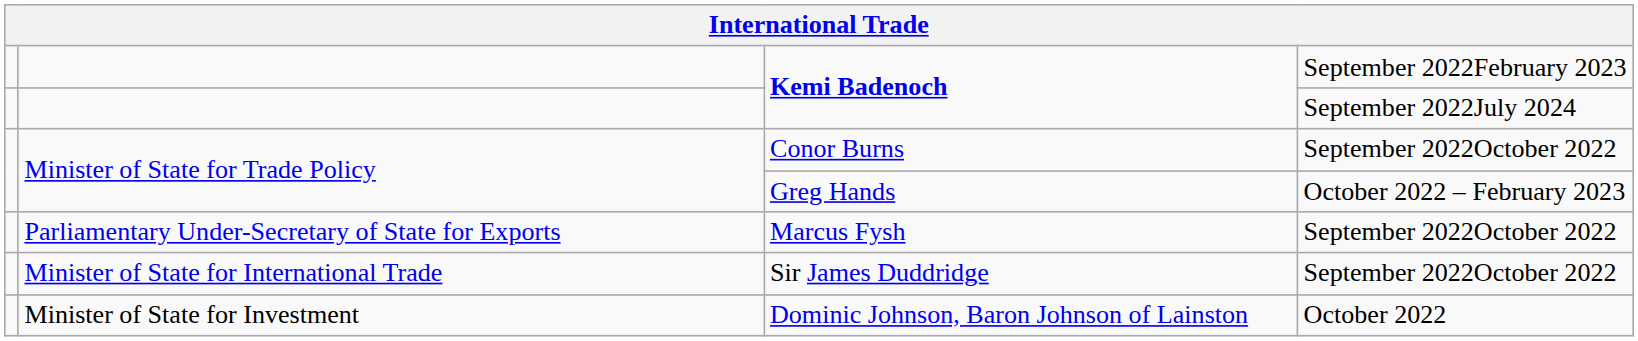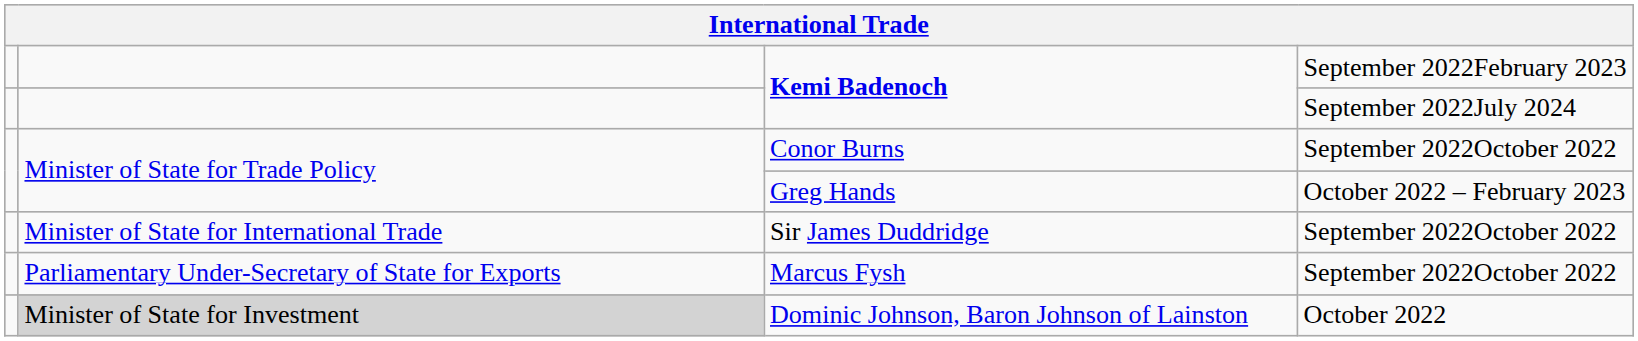 <table class="wikitable">
 <tr>
 <th colspan="4"><a href='#'>International Trade</a></th>
 </tr>
 <tr>
 <td rowspan=1 style="width: 1px; background: "></td>
 <td rowspan=1 style="width: 450px;"></td>
 <td rowspan =2 style="width: 320px;"><strong><a href='#'>Kemi Badenoch</a></strong></td>
 <td>September 2022February 2023</td>
 </tr>
 <tr>
 <td rowspan=1 style="width: 1px; background: "></td>
 <td rowspan=1 style="width: 450px;"></td>
 <td>September 2022July 2024</td>
 </tr>
 <tr>
 <td rowspan=2 style="width: 1px; background: "></td>
 <td rowspan=2 style="width: 450px;"><a href='#'>Minister of State for Trade Policy</a></td>
 <td style="width: 320px;"><a href='#'>Conor Burns</a></td>
 <td>September 2022October 2022</td>
 </tr>
 <tr>
 <td style="width: 320px;"><a href='#'>Greg Hands</a></td>
 <td>October 2022 – February 2023</td>
 </tr>
 <tr>
 <td rowspan="1" style="width: 1px; background: "></td>
+<td rowspan="1" style="width: 450px;"><a href='#'>Minister of State for International Trade</a></td>
+<td rowspan="1" style="width: 320px;">Sir <a href='#'>James Duddridge</a></td>
+<td>September 2022October 2022</td>
+</tr>
+<tr>
+<td rowspan="1" style="width: 1px; background: "></td>
 <td rowspan="1"><a href='#'>Parliamentary Under-Secretary of State for Exports</a></td>
 <td><a href='#'>Marcus Fysh</a></td>
 <td>September 2022October 2022</td>
 </tr>
 <tr>
 <td rowspan="1" style="width: 1px; background: "></td>
-<td rowspan="1" style="width: 450px;"><a href='#'>Minister of State for International Trade</a></td>
-<td rowspan="1" style="width: 320px;">Sir <a href='#'>James Duddridge</a></td>
-<td>September 2022October 2022</td>
-</tr>
-<tr>
-<td rowspan="1" style="width: 1px; background: "></td>
-<td rowspan="1">Minister of State for Investment</td>
+<td rowspan="1" style="background: lightgrey;">Minister of State for Investment</td>
 <td><a href='#'>Dominic Johnson, Baron Johnson of Lainston</a> </td>
 <td>October 2022</td>
 </tr>
 </table>
